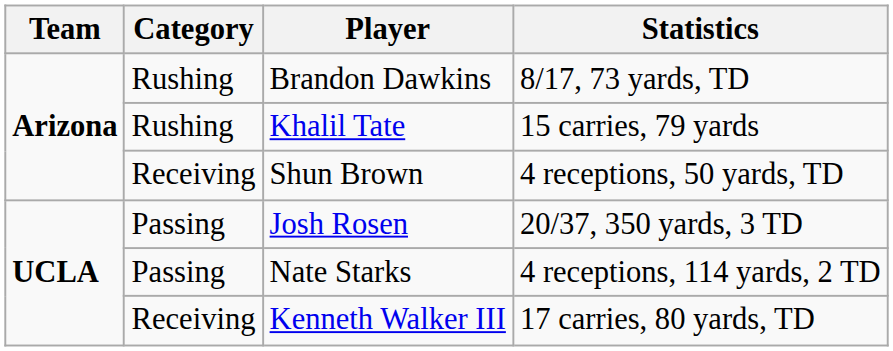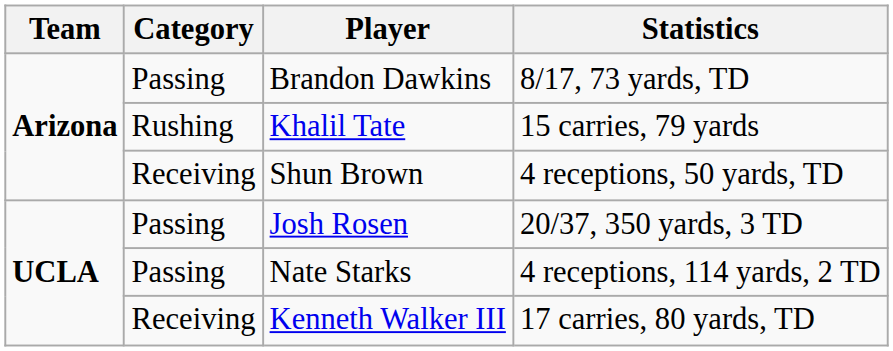 <table class="wikitable" style="float: right;">
 <tr>
 <th>Team</th>
 <th>Category</th>
 <th>Player</th>
 <th>Statistics</th>
 </tr>
 <tr>
 <td rowspan=3><strong>Arizona</strong></td>
-<td>Rushing</td>
+<td>Passing</td>
 <td>Brandon Dawkins</td>
 <td>8/17, 73 yards, TD</td>
 </tr>
 <tr>
 <td>Rushing</td>
 <td><a href='#'>Khalil Tate</a></td>
 <td>15 carries, 79 yards</td>
 </tr>
 <tr>
 <td>Receiving</td>
 <td>Shun Brown</td>
 <td>4 receptions, 50 yards, TD</td>
 </tr>
 <tr>
 <td rowspan=3><strong>UCLA</strong></td>
 <td>Passing</td>
 <td><a href='#'>Josh Rosen</a></td>
 <td>20/37, 350 yards, 3 TD</td>
 </tr>
 <tr>
 <td>Passing</td>
 <td>Nate Starks</td>
 <td>4 receptions, 114 yards, 2 TD</td>
 </tr>
 <tr>
 <td>Receiving</td>
 <td><a href='#'>Kenneth Walker III</a></td>
 <td>17 carries, 80 yards, TD</td>
 </tr>
 </table>
